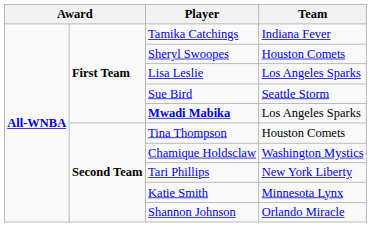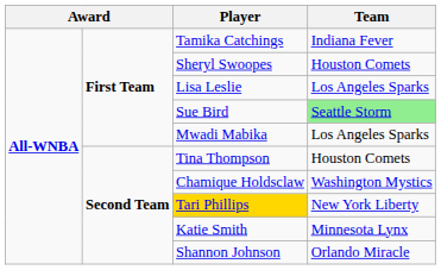 <table class="wikitable">
 <tr>
 <th colspan=2>Award</th>
 <th>Player</th>
 <th>Team</th>
 </tr>
 <tr>
 <td rowspan=10><strong><a href='#'>All-WNBA</a></strong></td>
 <td rowspan=5><strong>First Team</strong></td>
 <td><a href='#'>Tamika Catchings</a></td>
 <td><a href='#'>Indiana Fever</a></td>
 </tr>
 <tr>
 <td><a href='#'>Sheryl Swoopes</a></td>
 <td><a href='#'>Houston Comets</a></td>
 </tr>
 <tr>
 <td><a href='#'>Lisa Leslie</a></td>
 <td><a href='#'>Los Angeles Sparks</a></td>
 </tr>
 <tr>
 <td><a href='#'>Sue Bird</a></td>
-<td><a href='#'>Seattle Storm</a></td>
+<td style="background: lightgreen;"><a href='#'>Seattle Storm</a></td>
 </tr>
 <tr>
-<td><strong><a href='#'>Mwadi Mabika</a></strong></td>
+<td><a href='#'>Mwadi Mabika</a></td>
 <td>Los Angeles Sparks</td>
 </tr>
 <tr>
 <td rowspan=5><strong>Second Team</strong></td>
 <td><a href='#'>Tina Thompson</a></td>
 <td>Houston Comets</td>
 </tr>
 <tr>
 <td><a href='#'>Chamique Holdsclaw</a></td>
 <td><a href='#'>Washington Mystics</a></td>
 </tr>
 <tr>
-<td><a href='#'>Tari Phillips</a></td>
+<td style="background: gold;"><a href='#'>Tari Phillips</a></td>
 <td><a href='#'>New York Liberty</a></td>
 </tr>
 <tr>
 <td><a href='#'>Katie Smith</a></td>
 <td><a href='#'>Minnesota Lynx</a></td>
 </tr>
 <tr>
 <td><a href='#'>Shannon Johnson</a></td>
 <td><a href='#'>Orlando Miracle</a></td>
 </tr>
 </table>
